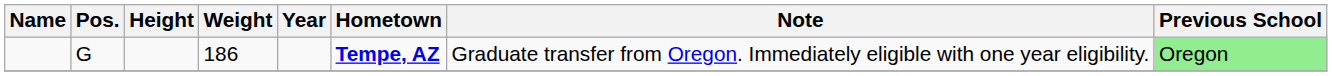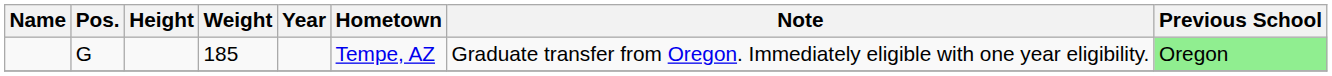 <table class="wikitable sortable" border="1">
 <tr>
 <th>Name</th>
 <th>Pos.</th>
 <th>Height</th>
 <th>Weight</th>
 <th>Year</th>
 <th>Hometown</th>
 <th class="unsortable">Note</th>
 <th>Previous School</th>
 </tr>
 <tr>
 <td></td>
 <td>G</td>
 <td></td>
-<td>186</td>
+<td>185</td>
 <td></td>
-<td><strong><a href='#'>Tempe, AZ</a></strong></td>
+<td><a href='#'>Tempe, AZ</a></td>
 <td>Graduate transfer from <a href='#'>Oregon</a>. Immediately eligible with one year eligibility.</td>
 <td style="background: lightgreen;">Oregon</td>
 </tr>
 <tr>
 </tr>
 </table>
